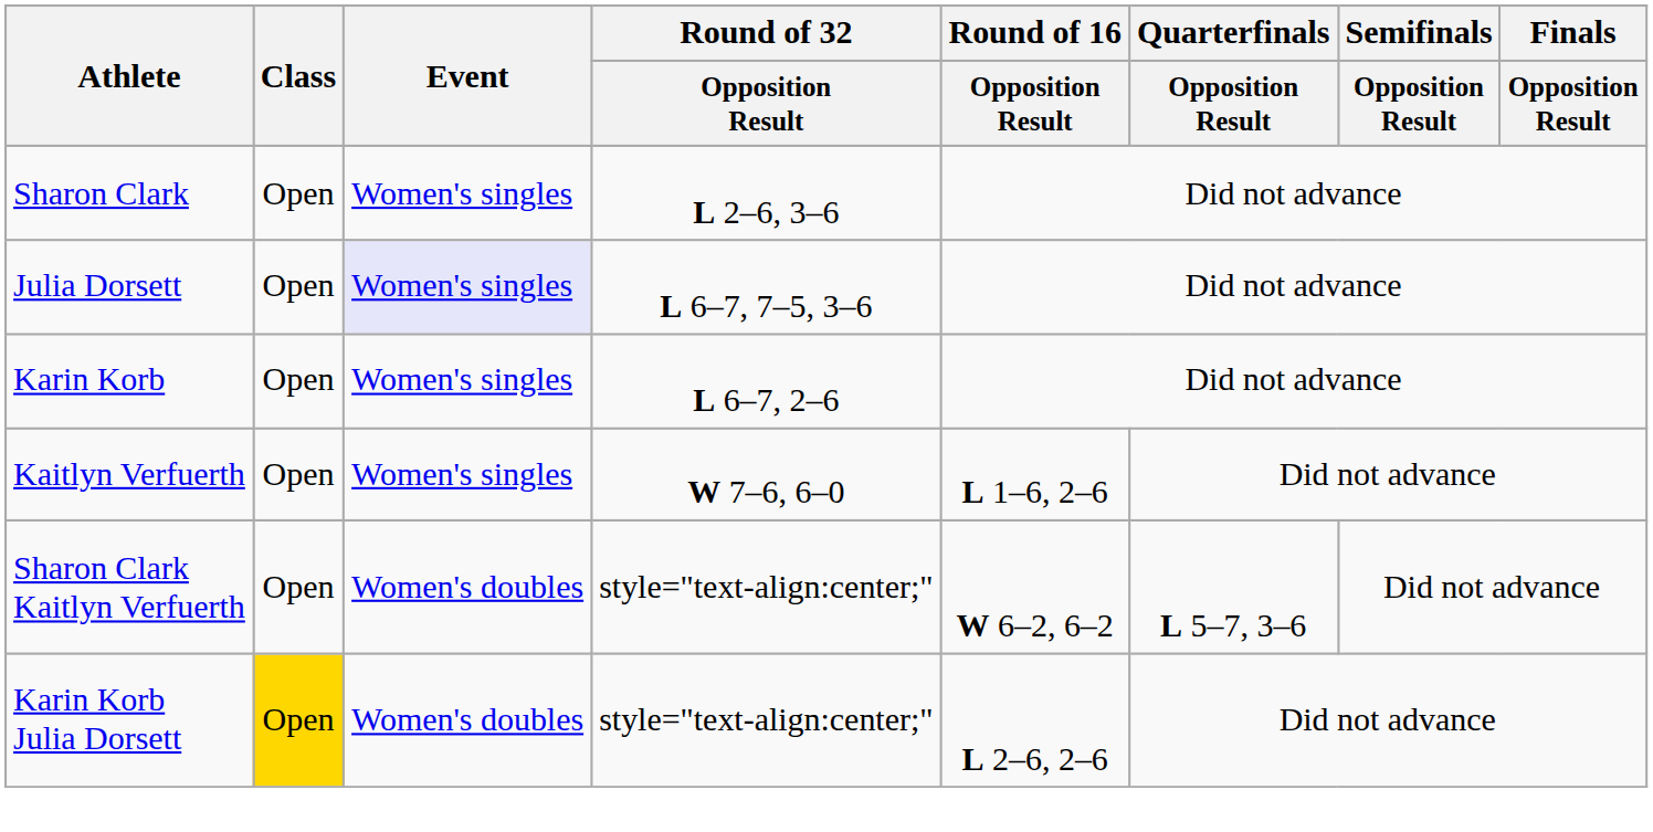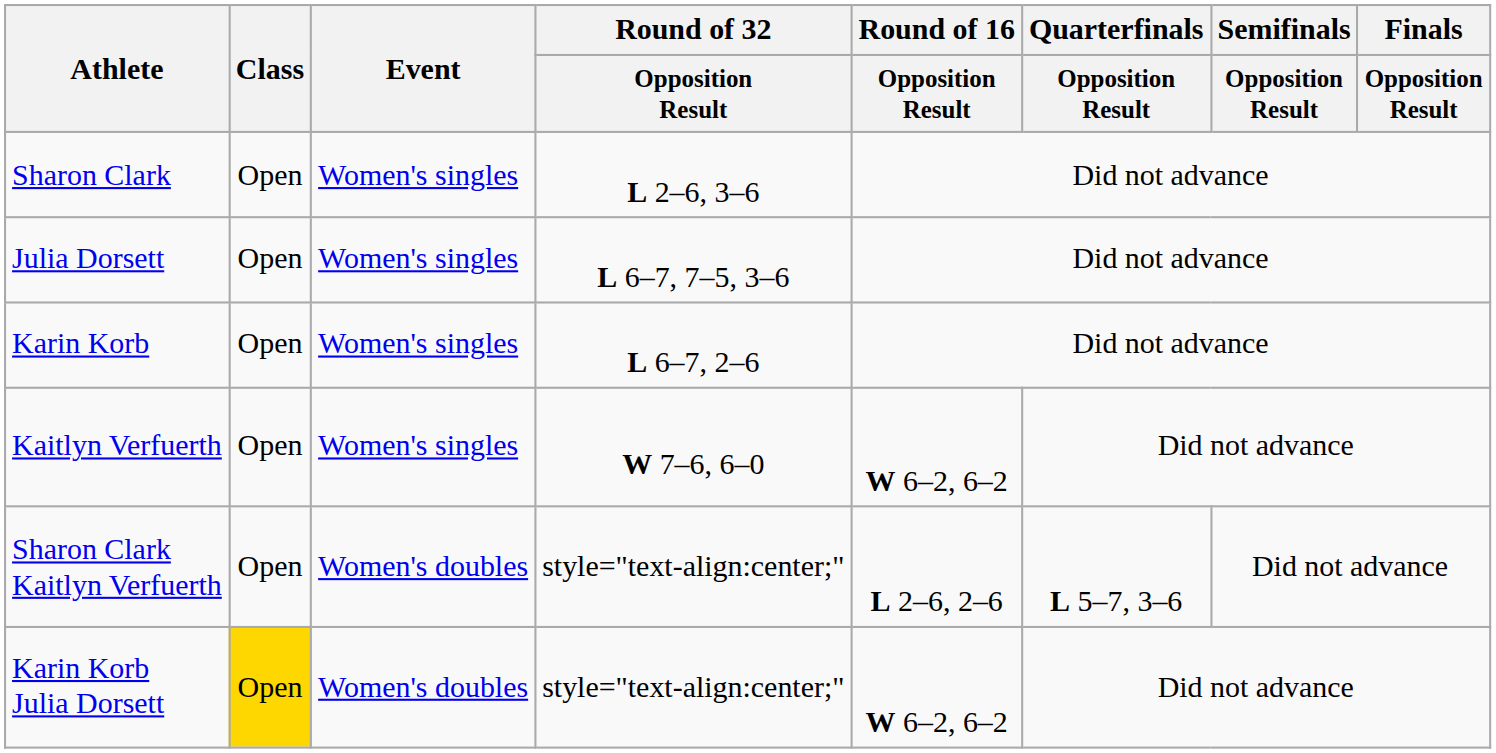 <table class=wikitable style="font-size:90%">
 <tr>
 <th rowspan="2">Athlete</th>
 <th rowspan="2">Class</th>
 <th rowspan="2">Event</th>
 <th>Round of 32</th>
 <th>Round of 16</th>
 <th>Quarterfinals</th>
 <th>Semifinals</th>
 <th>Finals</th>
 </tr>
 <tr>
 <th style="line-height:1em"><small>Opposition<br>Result</small></th>
 <th style="line-height:1em"><small>Opposition<br>Result</small></th>
 <th style="line-height:1em"><small>Opposition<br>Result</small></th>
 <th style="line-height:1em"><small>Opposition<br>Result</small></th>
 <th style="line-height:1em"><small>Opposition<br>Result</small></th>
 </tr>
 <tr>
 <td><a href='#'>Sharon Clark</a></td>
 <td style="text-align:center;">Open</td>
 <td><a href='#'>Women's singles</a></td>
 <td style="text-align:center;"><br><strong>L</strong> 2–6, 3–6</td>
 <td style="text-align:center;" colspan="4">Did not advance</td>
 </tr>
 <tr>
 <td><a href='#'>Julia Dorsett</a></td>
 <td style="text-align:center;">Open</td>
-<td style="background: lavender;"><a href='#'>Women's singles</a></td>
+<td><a href='#'>Women's singles</a></td>
 <td style="text-align:center;"><br><strong>L</strong> 6–7, 7–5, 3–6</td>
 <td style="text-align:center;" colspan="4">Did not advance</td>
 </tr>
 <tr>
 <td><a href='#'>Karin Korb</a></td>
 <td style="text-align:center;">Open</td>
 <td><a href='#'>Women's singles</a></td>
 <td style="text-align:center;"><br><strong>L</strong> 6–7, 2–6</td>
 <td style="text-align:center;" colspan="4">Did not advance</td>
 </tr>
 <tr>
 <td><a href='#'>Kaitlyn Verfuerth</a></td>
 <td style="text-align:center;">Open</td>
 <td><a href='#'>Women's singles</a></td>
 <td style="text-align:center;"><br><strong>W</strong> 7–6, 6–0</td>
-<td style="text-align:center;"><br><strong>L</strong> 1–6, 2–6</td>
+<td style="text-align:center;"><br> <br><strong>W</strong> 6–2, 6–2</td>
 <td style="text-align:center;" colspan="3">Did not advance</td>
 </tr>
 <tr>
 <td><a href='#'>Sharon Clark</a><br> <a href='#'>Kaitlyn Verfuerth</a></td>
 <td style="text-align:center;">Open</td>
 <td><a href='#'>Women's doubles</a></td>
 <td>style="text-align:center;" </td>
-<td style="text-align:center;"><br> <br><strong>W</strong> 6–2, 6–2</td>
+<td style="text-align:center;"><br> <br><strong>L</strong> 2–6, 2–6</td>
 <td style="text-align:center;"><br> <br><strong>L</strong> 5–7, 3–6</td>
 <td style="text-align:center;" colspan="2">Did not advance</td>
 </tr>
 <tr>
 <td><a href='#'>Karin Korb</a><br> <a href='#'>Julia Dorsett</a></td>
 <td style="background: gold; text-align:center;">Open</td>
 <td><a href='#'>Women's doubles</a></td>
 <td>style="text-align:center;" </td>
-<td style="text-align:center;"><br> <br><strong>L</strong> 2–6, 2–6</td>
+<td style="text-align:center;"><br> <br><strong>W</strong> 6–2, 6–2</td>
 <td style="text-align:center;" colspan="3">Did not advance</td>
 </tr>
 </table>
